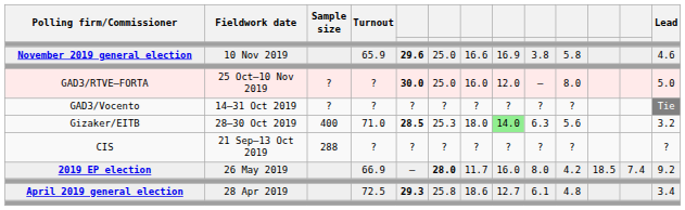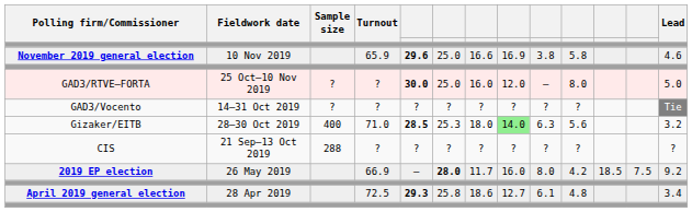 <table class="wikitable collapsible collapsed" style="text-align:center; font-size:95%; line-height:16px;">
 <tr style="height:42px;">
 <th style="width:250px;" rowspan="2">Polling firm/Commissioner</th>
 <th style="width:125px;" rowspan="2">Fieldwork date</th>
 <th style="width:50px;" rowspan="2">Sample size</th>
 <th style="width:45px;" rowspan="2">Turnout</th>
 <th style="width:35px;"></th>
 <th style="width:35px;"></th>
 <th style="width:35px;"></th>
 <th style="width:35px;"></th>
 <th style="width:35px;"></th>
 <th style="width:35px;"></th>
 <th style="width:35px;"></th>
 <th style="width:35px;"></th>
 <th style="width:30px;" rowspan="2">Lead</th>
 </tr>
 <tr>
 <th style="color:inherit;background:"></th>
 <th style="color:inherit;background:"></th>
 <th style="color:inherit;background:"></th>
 <th style="color:inherit;background:"></th>
 <th style="color:inherit;background:"></th>
 <th style="color:inherit;background:"></th>
 <th style="color:inherit;background:"></th>
 <th style="color:inherit;background:"></th>
 </tr>
 <tr>
 <td colspan="13" style="background:#A0A0A0"></td>
 </tr>
 <tr style="background:#EFEFEF;">
 <td><strong><a href='#'>November 2019 general election</a></strong></td>
 <td>10 Nov 2019</td>
 <td></td>
 <td>65.9</td>
 <td><strong>29.6</strong><br></td>
 <td>25.0<br></td>
 <td>16.6<br></td>
 <td>16.9<br></td>
 <td>3.8<br></td>
 <td>5.8<br></td>
 <td></td>
 <td></td>
 <td style="background:">4.6</td>
 </tr>
 <tr>
 <td colspan="13" style="background:#A0A0A0"></td>
 </tr>
 <tr style="background:#FFEAEA;">
 <td>GAD3/RTVE–FORTA</td>
 <td>25 Oct–10 Nov 2019</td>
 <td>?</td>
 <td>?</td>
 <td><strong>30.0</strong><br></td>
 <td>25.0<br></td>
 <td>16.0<br></td>
 <td>12.0<br></td>
 <td>–</td>
 <td>8.0<br></td>
 <td></td>
 <td></td>
 <td style="background:">5.0</td>
 </tr>
 <tr>
 <td>GAD3/Vocento</td>
 <td>14–31 Oct 2019</td>
 <td>?</td>
 <td>?</td>
 <td>?<br></td>
 <td>?<br></td>
 <td>?<br></td>
 <td>?<br></td>
 <td>?<br></td>
 <td>?<br></td>
 <td></td>
 <td></td>
 <td style="background:gray;color:white;">Tie</td>
 </tr>
 <tr>
 <td>Gizaker/EITB</td>
 <td>28–30 Oct 2019</td>
 <td>400</td>
 <td>71.0</td>
 <td><strong>28.5</strong><br></td>
 <td>25.3<br></td>
 <td>18.0<br></td>
 <td style="background: lightgreen;">14.0<br></td>
 <td>6.3<br></td>
 <td>5.6<br></td>
 <td></td>
 <td></td>
 <td style="background:">3.2</td>
 </tr>
 <tr>
 <td>CIS</td>
 <td>21 Sep–13 Oct 2019</td>
 <td>288</td>
 <td>?</td>
 <td>?<br></td>
 <td>?<br></td>
 <td>?<br></td>
 <td>?<br></td>
 <td>?<br></td>
 <td>?<br></td>
 <td></td>
 <td></td>
 <td style="background:">?</td>
 </tr>
 <tr style="background:#EFEFEF;">
 <td><strong><a href='#'>2019 EP election</a></strong></td>
 <td>26 May 2019</td>
 <td></td>
 <td>66.9</td>
 <td>–</td>
 <td><strong>28.0</strong><br></td>
 <td>11.7<br></td>
 <td>16.0<br></td>
 <td>8.0<br></td>
 <td>4.2<br></td>
 <td>18.5<br></td>
-<td>7.4<br></td>
+<td>7.5<br></td>
 <td style="background:">9.2</td>
 </tr>
 <tr>
 <td colspan="13" style="background:#A0A0A0"></td>
 </tr>
 <tr style="background:#EFEFEF;">
 <td><strong><a href='#'>April 2019 general election</a></strong></td>
 <td>28 Apr 2019</td>
 <td></td>
 <td>72.5</td>
 <td><strong>29.3</strong><br></td>
 <td>25.8<br></td>
 <td>18.6<br></td>
 <td>12.7<br></td>
 <td>6.1<br></td>
 <td>4.8<br></td>
 <td></td>
 <td></td>
 <td style="background:">3.4</td>
 </tr>
 <tr>
 <td colspan="13" style="background:#A0A0A0"></td>
 </tr>
 </table>
